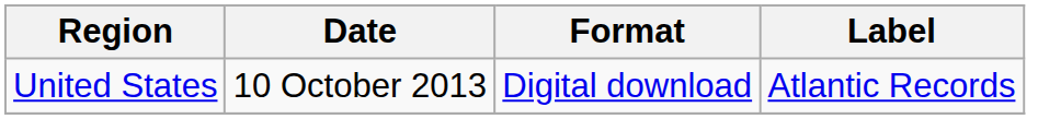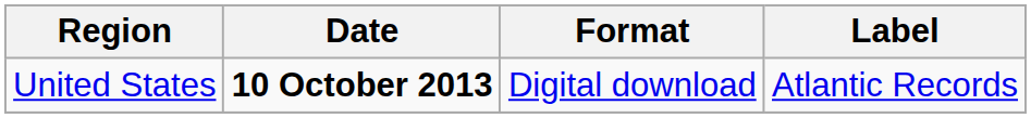 <table class=wikitable>
 <tr>
 <th>Region</th>
 <th>Date</th>
 <th>Format</th>
 <th>Label</th>
 </tr>
 <tr>
 <td><a href='#'>United States</a></td>
-<td>10 October 2013</td>
+<td><strong>10 October 2013</strong></td>
 <td><a href='#'>Digital download</a></td>
 <td><a href='#'>Atlantic Records</a></td>
 </tr>
 <tr>
 </tr>
 </table>
